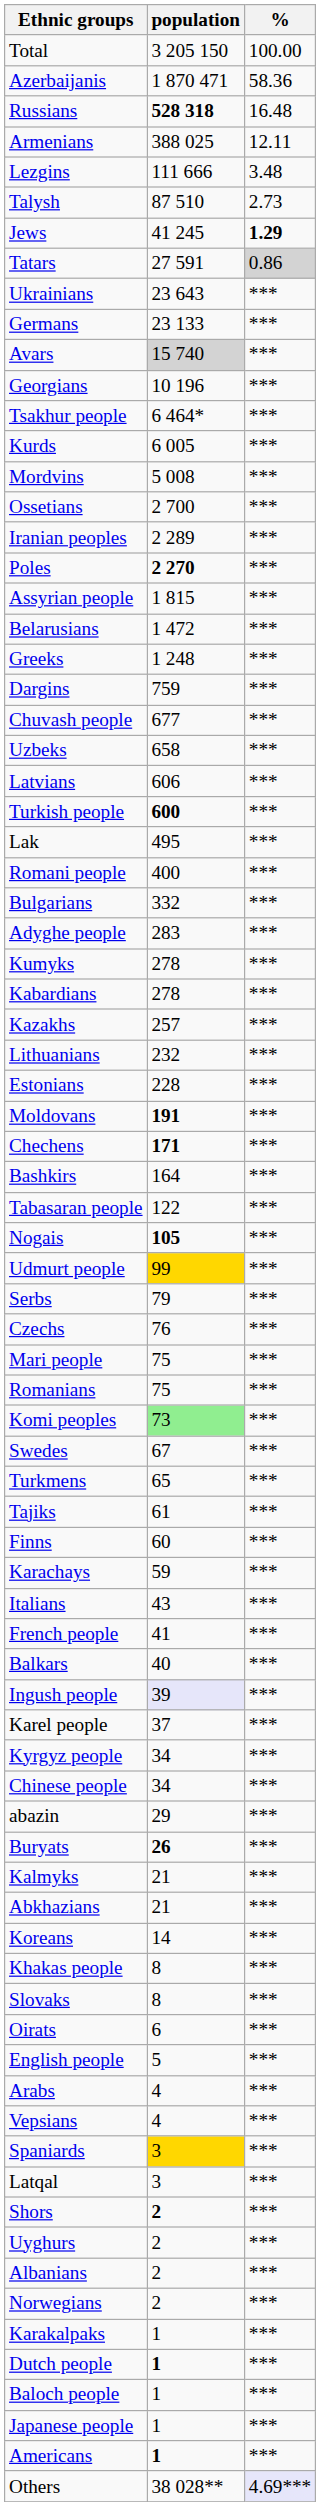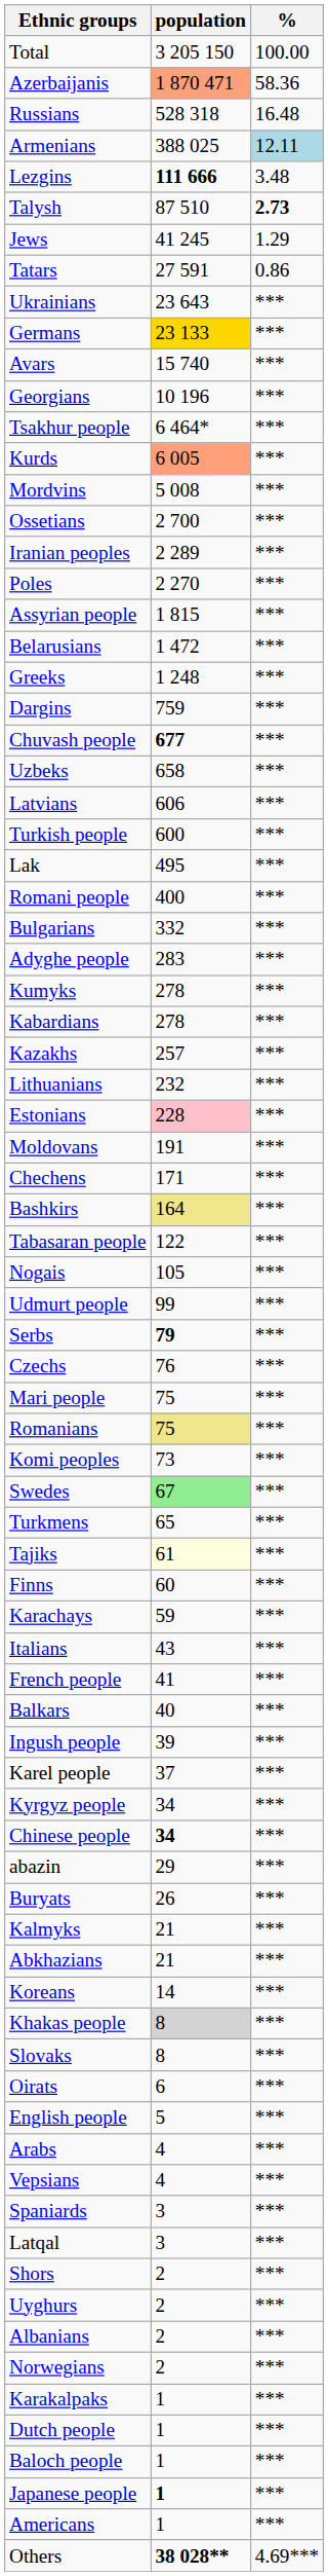 <table class="wikitable">
 <tr>
 <th>Ethnic groups</th>
 <th>population</th>
 <th>%</th>
 </tr>
 <tr>
 <td>Total</td>
 <td>3 205 150</td>
 <td>100.00</td>
 </tr>
 <tr>
 <td><a href='#'>Azerbaijanis</a></td>
-<td>1 870 471</td>
+<td style="background: lightsalmon;">1 870 471</td>
 <td>58.36</td>
 </tr>
 <tr>
 <td><a href='#'>Russians</a></td>
-<td><strong>528 318</strong></td>
+<td>528 318</td>
 <td>16.48</td>
 </tr>
 <tr>
 <td><a href='#'>Armenians</a></td>
 <td>388 025</td>
-<td>12.11</td>
+<td style="background: lightblue;">12.11</td>
 </tr>
 <tr>
 <td><a href='#'>Lezgins</a></td>
-<td>111 666</td>
+<td><strong>111 666</strong></td>
 <td>3.48</td>
 </tr>
 <tr>
 <td><a href='#'>Talysh</a></td>
 <td>87 510</td>
-<td>2.73</td>
+<td><strong>2.73</strong></td>
 </tr>
 <tr>
 <td><a href='#'>Jews</a></td>
 <td>41 245</td>
-<td><strong>1.29</strong></td>
+<td>1.29</td>
 </tr>
 <tr>
 <td><a href='#'>Tatars</a></td>
 <td>27 591</td>
-<td style="background: lightgrey;">0.86</td>
+<td>0.86</td>
 </tr>
 <tr>
 <td><a href='#'>Ukrainians</a></td>
 <td>23 643</td>
 <td>***</td>
 </tr>
 <tr>
 <td><a href='#'>Germans</a></td>
-<td>23 133</td>
+<td style="background: gold;">23 133</td>
 <td>***</td>
 </tr>
 <tr>
 <td><a href='#'>Avars</a></td>
-<td style="background: lightgrey;">15 740</td>
+<td>15 740</td>
 <td>***</td>
 </tr>
 <tr>
 <td><a href='#'>Georgians</a></td>
 <td>10 196</td>
 <td>***</td>
 </tr>
 <tr>
 <td><a href='#'>Tsakhur people</a></td>
 <td>6 464*</td>
 <td>***</td>
 </tr>
 <tr>
 <td><a href='#'>Kurds</a></td>
-<td>6 005</td>
+<td style="background: lightsalmon;">6 005</td>
 <td>***</td>
 </tr>
 <tr>
 <td><a href='#'>Mordvins</a></td>
 <td>5 008</td>
 <td>***</td>
 </tr>
 <tr>
 <td><a href='#'>Ossetians</a></td>
 <td>2 700</td>
 <td>***</td>
 </tr>
 <tr>
 <td><a href='#'>Iranian peoples</a></td>
 <td>2 289</td>
 <td>***</td>
 </tr>
 <tr>
 <td><a href='#'>Poles</a></td>
-<td><strong>2 270</strong></td>
+<td>2 270</td>
 <td>***</td>
 </tr>
 <tr>
 <td><a href='#'>Assyrian people</a></td>
 <td>1 815</td>
 <td>***</td>
 </tr>
 <tr>
 <td><a href='#'>Belarusians</a></td>
 <td>1 472</td>
 <td>***</td>
 </tr>
 <tr>
 <td><a href='#'>Greeks</a></td>
 <td>1 248</td>
 <td>***</td>
 </tr>
 <tr>
 <td><a href='#'>Dargins</a></td>
 <td>759</td>
 <td>***</td>
 </tr>
 <tr>
 <td><a href='#'>Chuvash people</a></td>
-<td>677</td>
+<td><strong>677</strong></td>
 <td>***</td>
 </tr>
 <tr>
 <td><a href='#'>Uzbeks</a></td>
 <td>658</td>
 <td>***</td>
 </tr>
 <tr>
 <td><a href='#'>Latvians</a></td>
 <td>606</td>
 <td>***</td>
 </tr>
 <tr>
 <td><a href='#'>Turkish people</a></td>
-<td><strong>600</strong></td>
+<td>600</td>
 <td>***</td>
 </tr>
 <tr>
 <td>Lak</td>
 <td>495</td>
 <td>***</td>
 </tr>
 <tr>
 <td><a href='#'>Romani people</a></td>
 <td>400</td>
 <td>***</td>
 </tr>
 <tr>
 <td><a href='#'>Bulgarians</a></td>
 <td>332</td>
 <td>***</td>
 </tr>
 <tr>
 <td><a href='#'>Adyghe people</a></td>
 <td>283</td>
 <td>***</td>
 </tr>
 <tr>
 <td><a href='#'>Kumyks</a></td>
 <td>278</td>
 <td>***</td>
 </tr>
 <tr>
 <td><a href='#'>Kabardians</a></td>
 <td>278</td>
 <td>***</td>
 </tr>
 <tr>
 <td><a href='#'>Kazakhs</a></td>
 <td>257</td>
 <td>***</td>
 </tr>
 <tr>
 <td><a href='#'>Lithuanians</a></td>
 <td>232</td>
 <td>***</td>
 </tr>
 <tr>
 <td><a href='#'>Estonians</a></td>
-<td>228</td>
+<td style="background: pink;">228</td>
 <td>***</td>
 </tr>
 <tr>
 <td><a href='#'>Moldovans</a></td>
-<td><strong>191</strong></td>
+<td>191</td>
 <td>***</td>
 </tr>
 <tr>
 <td><a href='#'>Chechens</a></td>
-<td><strong>171</strong></td>
+<td>171</td>
 <td>***</td>
 </tr>
 <tr>
 <td><a href='#'>Bashkirs</a></td>
-<td>164</td>
+<td style="background: khaki;">164</td>
 <td>***</td>
 </tr>
 <tr>
 <td><a href='#'>Tabasaran people</a></td>
 <td>122</td>
 <td>***</td>
 </tr>
 <tr>
 <td><a href='#'>Nogais</a></td>
-<td><strong>105</strong></td>
+<td>105</td>
 <td>***</td>
 </tr>
 <tr>
 <td><a href='#'>Udmurt people</a></td>
-<td style="background: gold;">99</td>
+<td>99</td>
 <td>***</td>
 </tr>
 <tr>
 <td><a href='#'>Serbs</a></td>
-<td>79</td>
+<td><strong>79</strong></td>
 <td>***</td>
 </tr>
 <tr>
 <td><a href='#'>Czechs</a></td>
 <td>76</td>
 <td>***</td>
 </tr>
 <tr>
 <td><a href='#'>Mari people</a></td>
 <td>75</td>
 <td>***</td>
 </tr>
 <tr>
 <td><a href='#'>Romanians</a></td>
-<td>75</td>
+<td style="background: khaki;">75</td>
 <td>***</td>
 </tr>
 <tr>
 <td><a href='#'>Komi peoples</a></td>
-<td style="background: lightgreen;">73</td>
+<td>73</td>
 <td>***</td>
 </tr>
 <tr>
 <td><a href='#'>Swedes</a></td>
-<td>67</td>
+<td style="background: lightgreen;">67</td>
 <td>***</td>
 </tr>
 <tr>
 <td><a href='#'>Turkmens</a></td>
 <td>65</td>
 <td>***</td>
 </tr>
 <tr>
 <td><a href='#'>Tajiks</a></td>
-<td>61</td>
+<td style="background: lightyellow;">61</td>
 <td>***</td>
 </tr>
 <tr>
 <td><a href='#'>Finns</a></td>
 <td>60</td>
 <td>***</td>
 </tr>
 <tr>
 <td><a href='#'>Karachays</a></td>
 <td>59</td>
 <td>***</td>
 </tr>
 <tr>
 <td><a href='#'>Italians</a></td>
 <td>43</td>
 <td>***</td>
 </tr>
 <tr>
 <td><a href='#'>French people</a></td>
 <td>41</td>
 <td>***</td>
 </tr>
 <tr>
 <td><a href='#'>Balkars</a></td>
 <td>40</td>
 <td>***</td>
 </tr>
 <tr>
 <td><a href='#'>Ingush people</a></td>
-<td style="background: lavender;">39</td>
+<td>39</td>
 <td>***</td>
 </tr>
 <tr>
 <td>Karel people</td>
 <td>37</td>
 <td>***</td>
 </tr>
 <tr>
 <td><a href='#'>Kyrgyz people</a></td>
 <td>34</td>
 <td>***</td>
 </tr>
 <tr>
 <td><a href='#'>Chinese people</a></td>
-<td>34</td>
+<td><strong>34</strong></td>
 <td>***</td>
 </tr>
 <tr>
 <td>abazin</td>
 <td>29</td>
 <td>***</td>
 </tr>
 <tr>
 <td><a href='#'>Buryats</a></td>
-<td><strong>26</strong></td>
+<td>26</td>
 <td>***</td>
 </tr>
 <tr>
 <td><a href='#'>Kalmyks</a></td>
 <td>21</td>
 <td>***</td>
 </tr>
 <tr>
 <td><a href='#'>Abkhazians</a></td>
 <td>21</td>
 <td>***</td>
 </tr>
 <tr>
 <td><a href='#'>Koreans</a></td>
 <td>14</td>
 <td>***</td>
 </tr>
 <tr>
 <td><a href='#'>Khakas people</a></td>
-<td>8</td>
+<td style="background: lightgrey;">8</td>
 <td>***</td>
 </tr>
 <tr>
 <td><a href='#'>Slovaks</a></td>
 <td>8</td>
 <td>***</td>
 </tr>
 <tr>
 <td><a href='#'>Oirats</a></td>
 <td>6</td>
 <td>***</td>
 </tr>
 <tr>
 <td><a href='#'>English people</a></td>
 <td>5</td>
 <td>***</td>
 </tr>
 <tr>
 <td><a href='#'>Arabs</a></td>
 <td>4</td>
 <td>***</td>
 </tr>
 <tr>
 <td><a href='#'>Vepsians</a></td>
 <td>4</td>
 <td>***</td>
 </tr>
 <tr>
 <td><a href='#'>Spaniards</a></td>
-<td style="background: gold;">3</td>
+<td>3</td>
 <td>***</td>
 </tr>
 <tr>
 <td>Latqal</td>
 <td>3</td>
 <td>***</td>
 </tr>
 <tr>
 <td><a href='#'>Shors</a></td>
-<td><strong>2</strong></td>
+<td>2</td>
 <td>***</td>
 </tr>
 <tr>
 <td><a href='#'>Uyghurs</a></td>
 <td>2</td>
 <td>***</td>
 </tr>
 <tr>
 <td><a href='#'>Albanians</a></td>
 <td>2</td>
 <td>***</td>
 </tr>
 <tr>
 <td><a href='#'>Norwegians</a></td>
 <td>2</td>
 <td>***</td>
 </tr>
 <tr>
 <td><a href='#'>Karakalpaks</a></td>
 <td>1</td>
 <td>***</td>
 </tr>
 <tr>
 <td><a href='#'>Dutch people</a></td>
-<td><strong>1</strong></td>
+<td>1</td>
 <td>***</td>
 </tr>
 <tr>
 <td><a href='#'>Baloch people</a></td>
 <td>1</td>
 <td>***</td>
 </tr>
 <tr>
 <td><a href='#'>Japanese people</a></td>
+<td><strong>1</strong></td>
+<td>***</td>
+</tr>
+<tr>
+<td><a href='#'>Americans</a></td>
 <td>1</td>
 <td>***</td>
 </tr>
 <tr>
-<td><a href='#'>Americans</a></td>
-<td><strong>1</strong></td>
-<td>***</td>
-</tr>
-<tr>
 <td>Others</td>
-<td>38 028**</td>
-<td style="background: lavender;">4.69***</td>
+<td><strong>38 028**</strong></td>
+<td>4.69***</td>
 </tr>
 </table>
